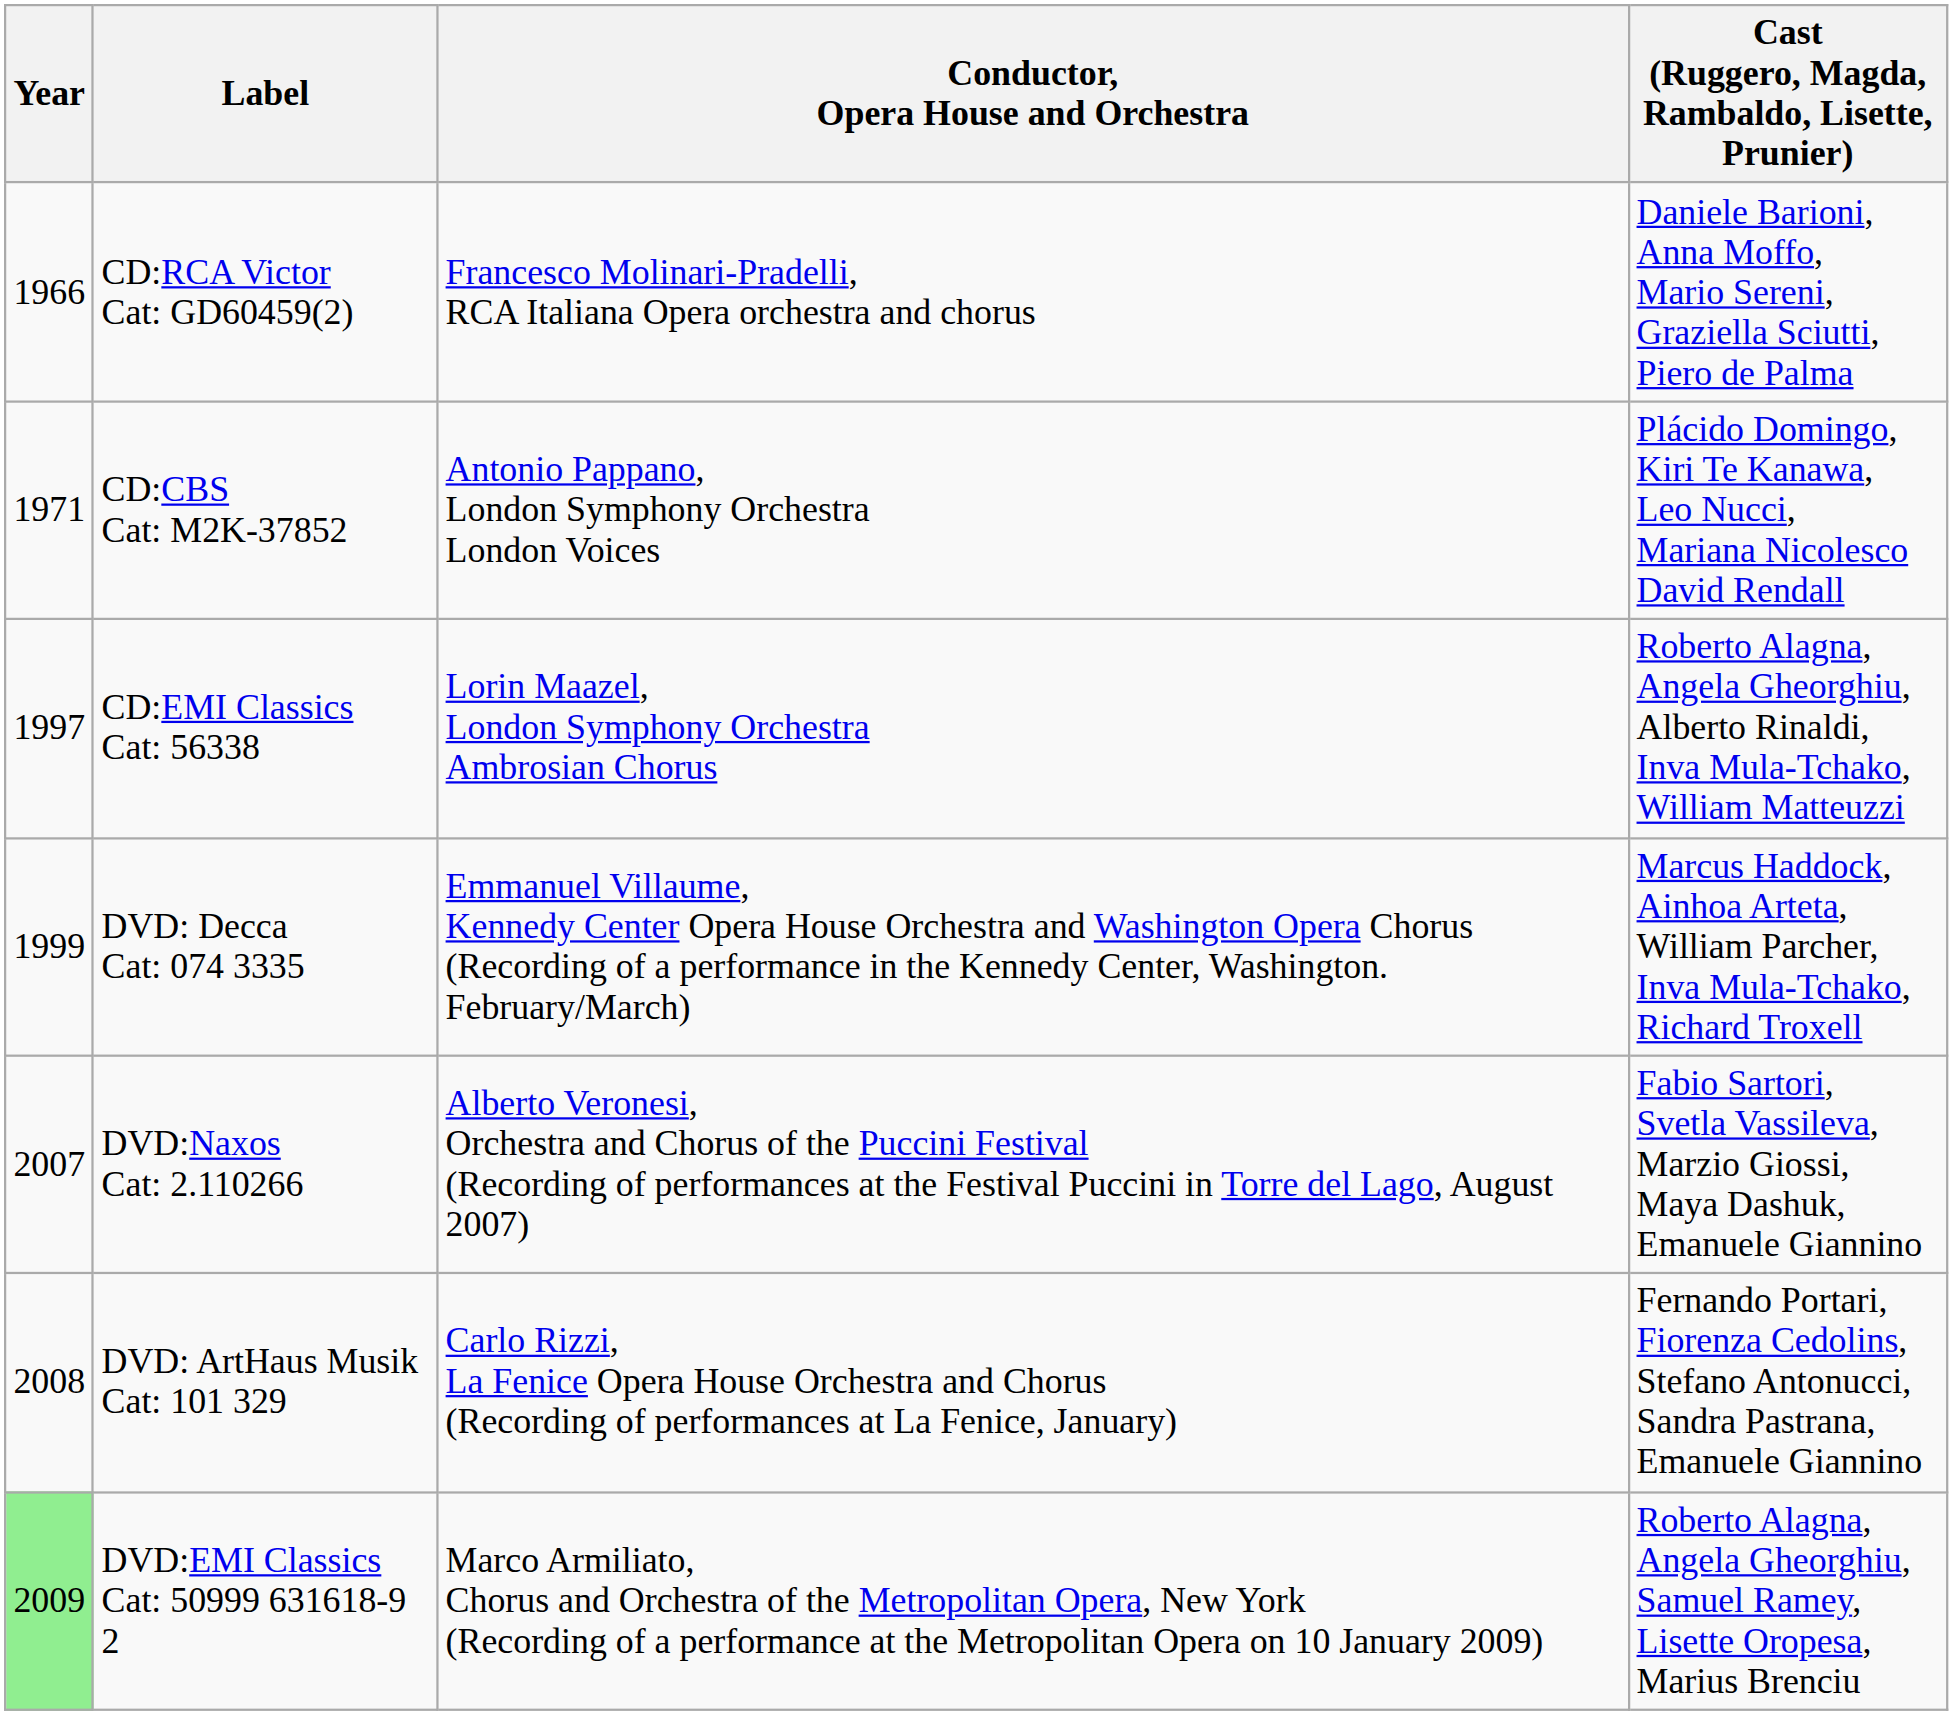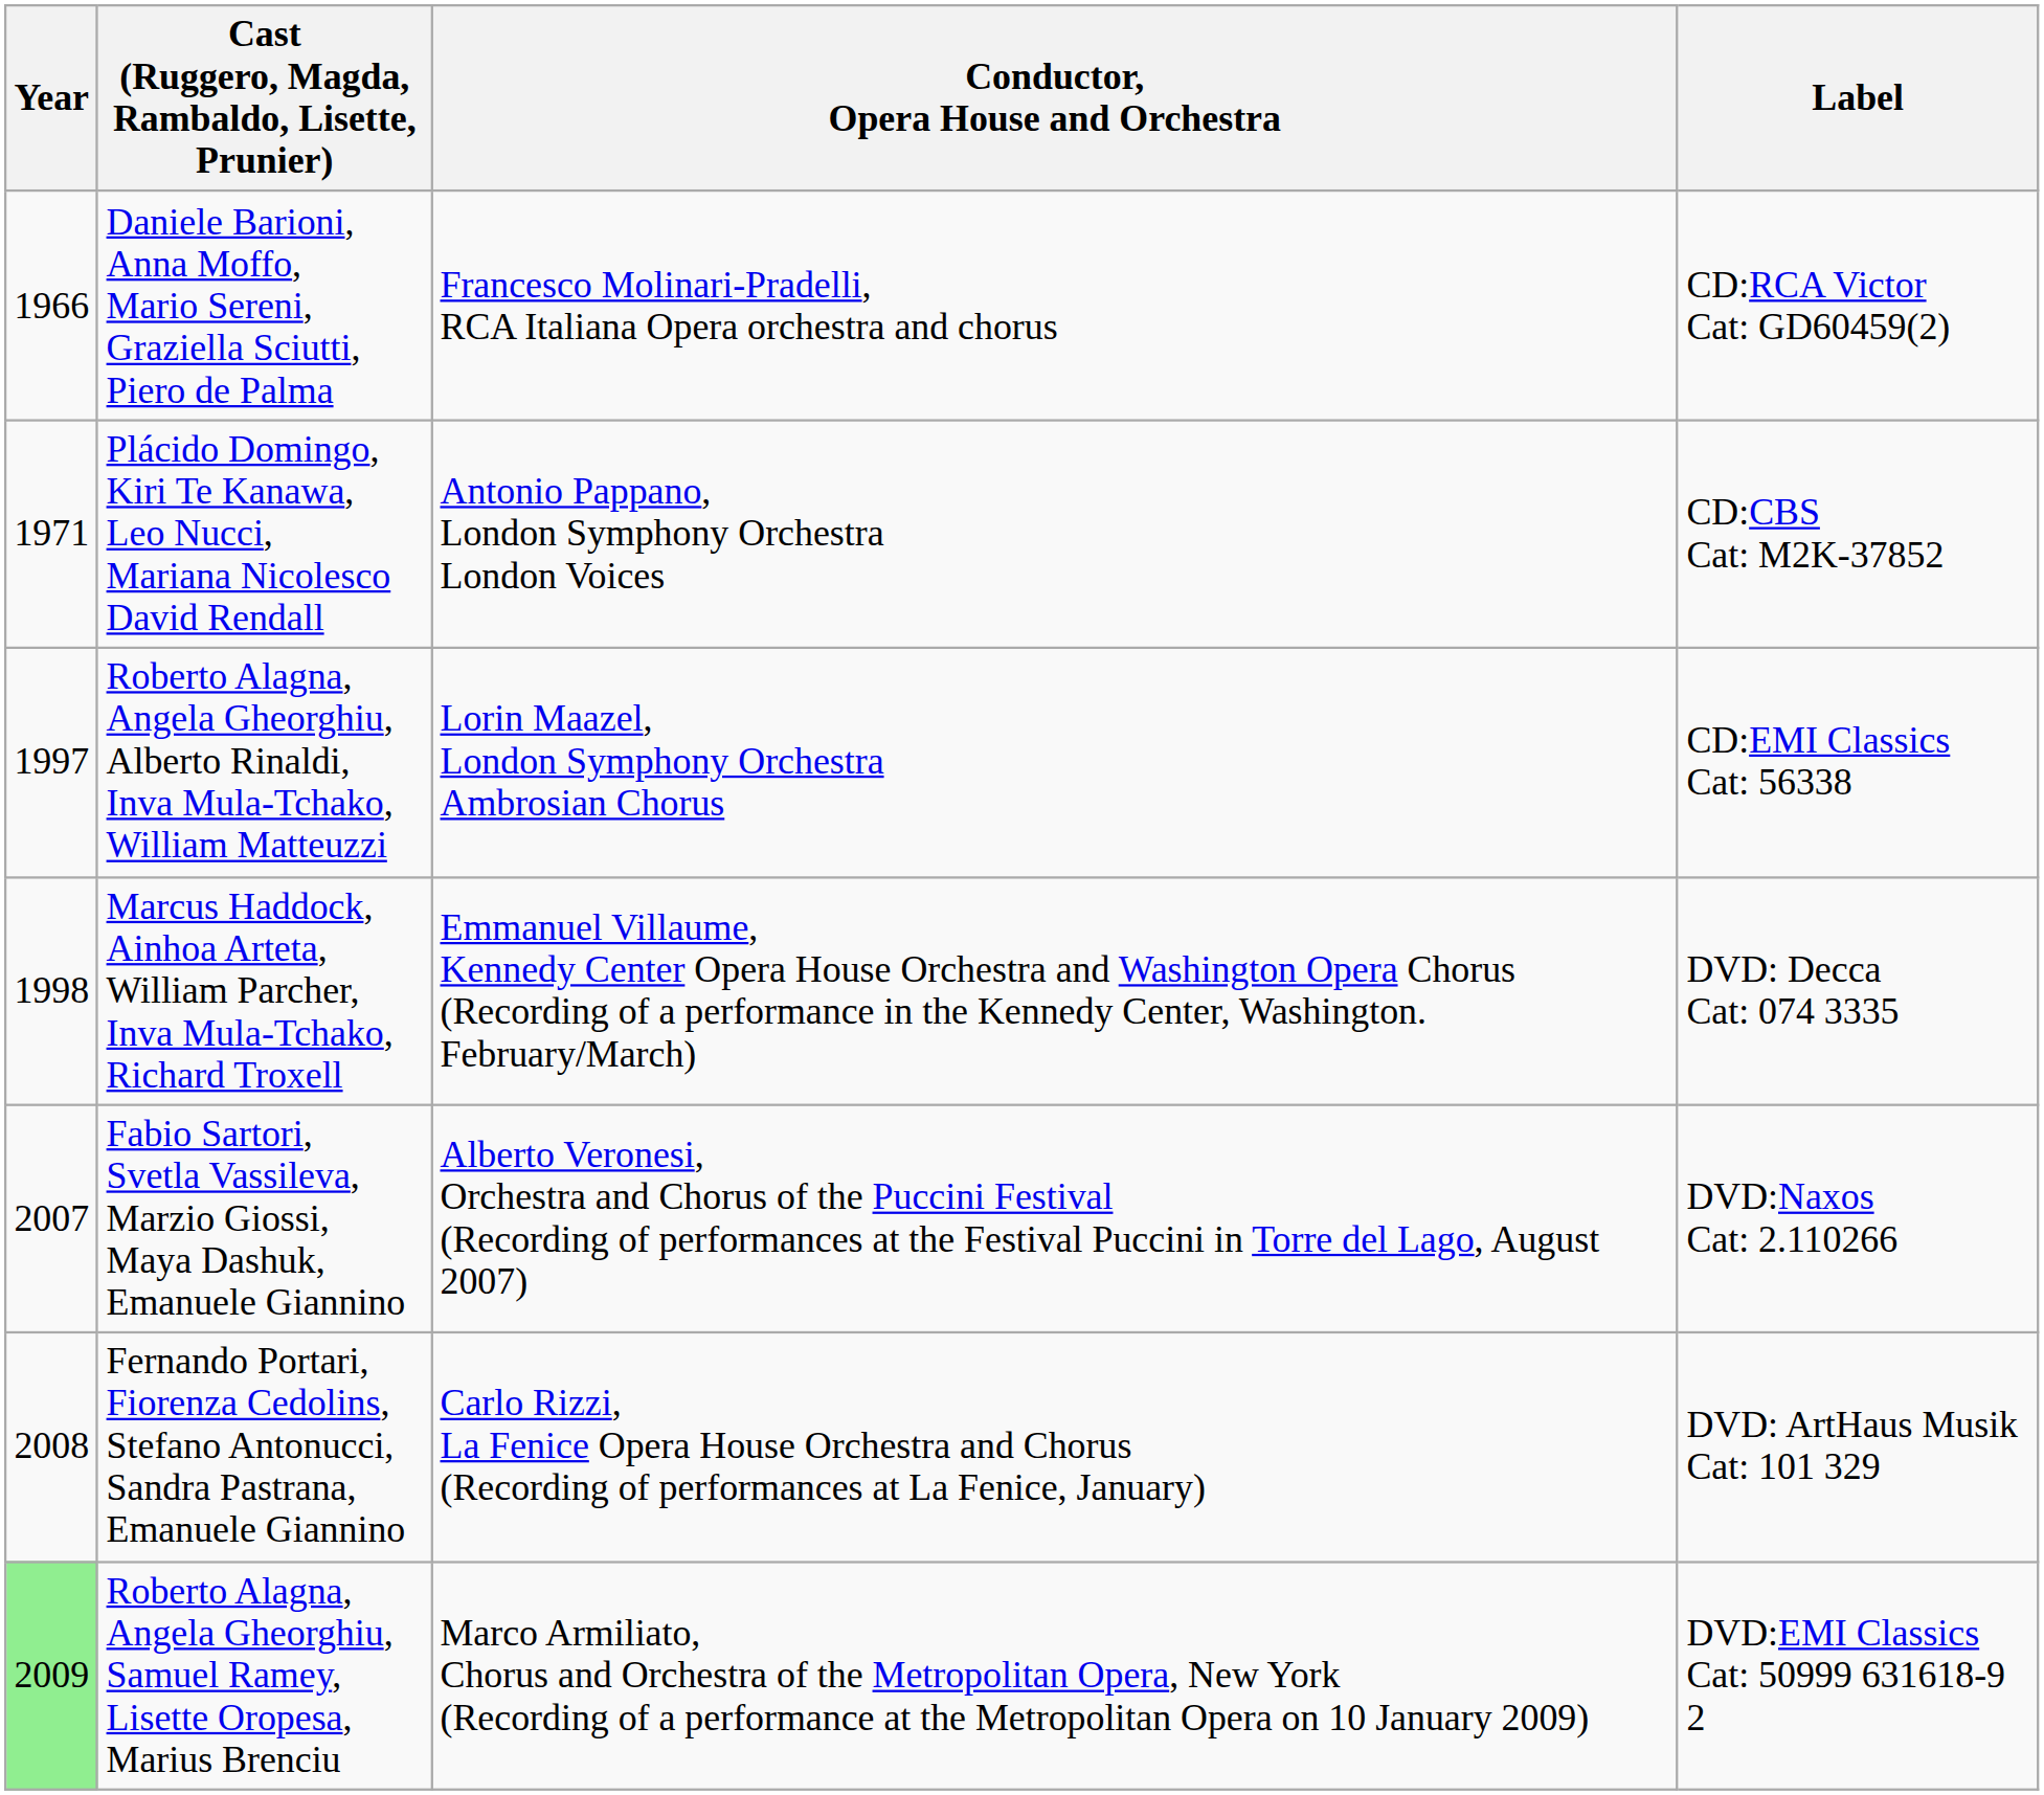 <table class="wikitable">
 <tr>
 <th>Year</th>
+<th width="135">Cast <br>(Ruggero, Magda, Rambaldo, Lisette, Prunier)</th>
+<th>Conductor,<br> Opera House and Orchestra</th>
 <th>Label</th>
-<th>Conductor,<br> Opera House and Orchestra</th>
-<th width="135">Cast <br>(Ruggero, Magda, Rambaldo, Lisette, Prunier)</th>
 </tr>
 <tr>
 <td>1966</td>
+<td><a href='#'>Daniele Barioni</a>,<br><a href='#'>Anna Moffo</a>,<br><a href='#'>Mario Sereni</a>,<br><a href='#'>Graziella Sciutti</a>,<br><a href='#'>Piero de Palma</a></td>
+<td><a href='#'>Francesco Molinari-Pradelli</a>,<br> RCA Italiana Opera orchestra and chorus</td>
 <td>CD:<a href='#'>RCA Victor</a> <br>Cat: GD60459(2)</td>
-<td><a href='#'>Francesco Molinari-Pradelli</a>,<br> RCA Italiana Opera orchestra and chorus</td>
-<td><a href='#'>Daniele Barioni</a>,<br><a href='#'>Anna Moffo</a>,<br><a href='#'>Mario Sereni</a>,<br><a href='#'>Graziella Sciutti</a>,<br><a href='#'>Piero de Palma</a></td>
 </tr>
 <tr>
 <td>1971</td>
+<td><a href='#'>Plácido Domingo</a>,<br><a href='#'>Kiri Te Kanawa</a>,<br> <a href='#'>Leo Nucci</a>,<br><a href='#'>Mariana Nicolesco</a><br><a href='#'>David Rendall</a></td>
+<td><a href='#'>Antonio Pappano</a>,<br>London Symphony Orchestra<br>London Voices</td>
 <td>CD:<a href='#'>CBS</a> <br>Cat: M2K-37852</td>
-<td><a href='#'>Antonio Pappano</a>,<br>London Symphony Orchestra<br>London Voices</td>
-<td><a href='#'>Plácido Domingo</a>,<br><a href='#'>Kiri Te Kanawa</a>,<br> <a href='#'>Leo Nucci</a>,<br><a href='#'>Mariana Nicolesco</a><br><a href='#'>David Rendall</a></td>
 </tr>
 <tr>
 <td>1997</td>
+<td><a href='#'>Roberto Alagna</a>,<br><a href='#'>Angela Gheorghiu</a>,<br>Alberto Rinaldi,<br><a href='#'>Inva Mula-Tchako</a>,<br><a href='#'>William Matteuzzi</a></td>
+<td><a href='#'>Lorin Maazel</a>,<br> <a href='#'>London Symphony Orchestra</a><br><a href='#'>Ambrosian Chorus</a></td>
 <td>CD:<a href='#'>EMI Classics</a> <br>Cat: 56338</td>
-<td><a href='#'>Lorin Maazel</a>,<br> <a href='#'>London Symphony Orchestra</a><br><a href='#'>Ambrosian Chorus</a></td>
-<td><a href='#'>Roberto Alagna</a>,<br><a href='#'>Angela Gheorghiu</a>,<br>Alberto Rinaldi,<br><a href='#'>Inva Mula-Tchako</a>,<br><a href='#'>William Matteuzzi</a></td>
 </tr>
 <tr>
-<td>1999</td>
+<td>1998</td>
+<td><a href='#'>Marcus Haddock</a>,<br><a href='#'>Ainhoa Arteta</a>,<br>William Parcher,<br><a href='#'>Inva Mula-Tchako</a>,<br><a href='#'>Richard Troxell</a></td>
+<td><a href='#'>Emmanuel Villaume</a>,<br><a href='#'>Kennedy Center</a> Opera House Orchestra and <a href='#'>Washington Opera</a> Chorus<br>(Recording of a performance in the Kennedy Center, Washington. February/March)</td>
 <td>DVD: Decca<br>Cat: 074 3335</td>
-<td><a href='#'>Emmanuel Villaume</a>,<br><a href='#'>Kennedy Center</a> Opera House Orchestra and <a href='#'>Washington Opera</a> Chorus<br>(Recording of a performance in the Kennedy Center, Washington. February/March)</td>
-<td><a href='#'>Marcus Haddock</a>,<br><a href='#'>Ainhoa Arteta</a>,<br>William Parcher,<br><a href='#'>Inva Mula-Tchako</a>,<br><a href='#'>Richard Troxell</a></td>
 </tr>
 <tr>
 <td>2007</td>
+<td><a href='#'>Fabio Sartori</a>,<br><a href='#'>Svetla Vassileva</a>,<br>Marzio Giossi,<br>Maya Dashuk,<br>Emanuele Giannino</td>
+<td><a href='#'>Alberto Veronesi</a>,<br>Orchestra and Chorus of the <a href='#'>Puccini Festival</a><br>(Recording of performances at the Festival Puccini in <a href='#'>Torre del Lago</a>, August 2007)</td>
 <td>DVD:<a href='#'>Naxos</a> <br>Cat: 2.110266</td>
-<td><a href='#'>Alberto Veronesi</a>,<br>Orchestra and Chorus of the <a href='#'>Puccini Festival</a><br>(Recording of performances at the Festival Puccini in <a href='#'>Torre del Lago</a>, August 2007)</td>
-<td><a href='#'>Fabio Sartori</a>,<br><a href='#'>Svetla Vassileva</a>,<br>Marzio Giossi,<br>Maya Dashuk,<br>Emanuele Giannino</td>
 </tr>
 <tr>
 <td>2008</td>
+<td>Fernando Portari,<br><a href='#'>Fiorenza Cedolins</a>,<br>Stefano Antonucci,<br>Sandra Pastrana,<br>Emanuele Giannino</td>
+<td><a href='#'>Carlo Rizzi</a>,<br><a href='#'>La Fenice</a> Opera House Orchestra and Chorus<br>(Recording of performances at La Fenice, January)</td>
 <td>DVD: ArtHaus Musik<br>Cat: 101 329</td>
-<td><a href='#'>Carlo Rizzi</a>,<br><a href='#'>La Fenice</a> Opera House Orchestra and Chorus<br>(Recording of performances at La Fenice, January)</td>
-<td>Fernando Portari,<br><a href='#'>Fiorenza Cedolins</a>,<br>Stefano Antonucci,<br>Sandra Pastrana,<br>Emanuele Giannino</td>
 </tr>
 <tr>
 <td style="background: lightgreen;">2009</td>
+<td><a href='#'>Roberto Alagna</a>,<br><a href='#'>Angela Gheorghiu</a>,<br><a href='#'>Samuel Ramey</a>,<br><a href='#'>Lisette Oropesa</a>,<br>Marius Brenciu</td>
+<td>Marco Armiliato,<br>Chorus and Orchestra of the <a href='#'>Metropolitan Opera</a>, New York<br>(Recording of a performance at the Metropolitan Opera on 10 January 2009)</td>
 <td>DVD:<a href='#'>EMI Classics</a> <br>Cat: 50999 631618-9 2</td>
-<td>Marco Armiliato,<br>Chorus and Orchestra of the <a href='#'>Metropolitan Opera</a>, New York<br>(Recording of a performance at the Metropolitan Opera on 10 January 2009)</td>
-<td><a href='#'>Roberto Alagna</a>,<br><a href='#'>Angela Gheorghiu</a>,<br><a href='#'>Samuel Ramey</a>,<br><a href='#'>Lisette Oropesa</a>,<br>Marius Brenciu</td>
 </tr>
 </table>
